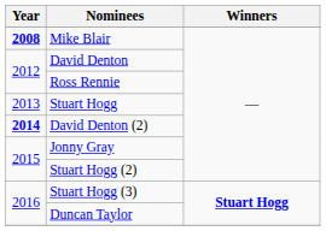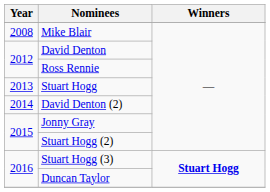 <table class="wikitable">
 <tr>
 <th width=40>Year</th>
 <th width=150>Nominees</th>
 <th width=150>Winners</th>
 </tr>
 <tr>
 </tr>
 <tr>
-<td align=center><strong><a href='#'>2008</a></strong></td>
+<td align=center><a href='#'>2008</a></td>
 <td><a href='#'>Mike Blair</a></td>
 <td align=center rowspan=7>—</td>
 </tr>
 <tr>
 <td align=center rowspan=2><a href='#'>2012</a></td>
 <td><a href='#'>David Denton</a></td>
 </tr>
 <tr>
 <td><a href='#'>Ross Rennie</a></td>
 </tr>
 <tr>
 <td align=center><a href='#'>2013</a></td>
 <td><a href='#'>Stuart Hogg</a></td>
 </tr>
 <tr>
-<td align=center><strong><a href='#'>2014</a></strong></td>
+<td align=center><a href='#'>2014</a></td>
 <td><a href='#'>David Denton</a> (2)</td>
 </tr>
 <tr>
 <td align=center rowspan=2><a href='#'>2015</a></td>
 <td><a href='#'>Jonny Gray</a></td>
 </tr>
 <tr>
 <td><a href='#'>Stuart Hogg</a> (2)</td>
 </tr>
 <tr>
 <td align=center rowspan=2><a href='#'>2016</a></td>
 <td><a href='#'>Stuart Hogg</a> (3)</td>
 <td align=center rowspan=2><strong><a href='#'>Stuart Hogg</a></strong></td>
 </tr>
 <tr>
 <td><a href='#'>Duncan Taylor</a></td>
 </tr>
 <tr>
 </tr>
 </table>
